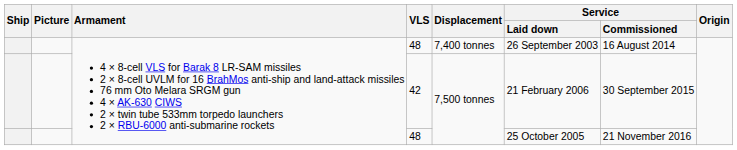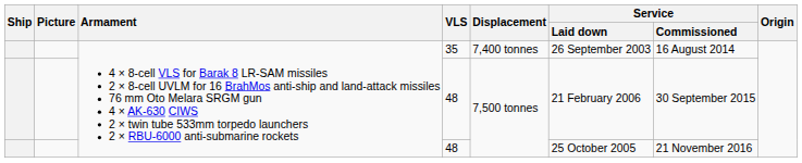 <table class="wikitable">
 <tr>
 <th align= center scope=col rowspan=2 style="text-align:left; ">Ship</th>
 <th align= center scope=col rowspan=2 style="text-align:left; ">Picture</th>
 <th align= center scope=col rowspan=2 style="text-align:left; ">Armament</th>
 <th rowspan="2">VLS</th>
 <th rowspan="2" align="center" scope="col" style="text-align:left; ">Displacement</th>
 <th align= center scope=col colspan=2 style="text-align:center; ">Service</th>
 <th align= center scope=col rowspan=2 style="text-align:left; ">Origin</th>
 </tr>
 <tr>
 <th align= center scope=col style="text-align:left; ">Laid down</th>
 <th align= center scope=col style="text-align:left; ">Commissioned</th>
 </tr>
 <tr>
 <th scope="row"></th>
 <td></td>
 <td rowspan=3><br><ul><li>4 × 8-cell <a href='#'>VLS</a> for <a href='#'>Barak 8</a> LR-SAM missiles</li><li>2 × 8-cell UVLM for 16 <a href='#'>BrahMos</a> anti-ship and land-attack missiles</li><li>76 mm Oto Melara SRGM gun</li><li>4 × <a href='#'>AK-630</a> <a href='#'>CIWS</a></li><li>2 × twin tube 533mm torpedo launchers</li><li>2 × <a href='#'>RBU-6000</a> anti-submarine rockets</li></ul></td>
-<td>48</td>
+<td>35</td>
 <td>7,400 tonnes</td>
 <td>26 September 2003</td>
 <td>16 August 2014</td>
 <td rowspan=3></td>
 </tr>
 <tr>
 <th scope="row"></th>
 <td></td>
-<td>42</td>
+<td>48</td>
 <td rowspan="2">7,500 tonnes</td>
 <td>21 February 2006</td>
 <td>30 September 2015</td>
 </tr>
 <tr>
 <th scope="row"></th>
 <td></td>
 <td>48</td>
 <td>25 October 2005</td>
 <td>21 November 2016</td>
 </tr>
 </table>
